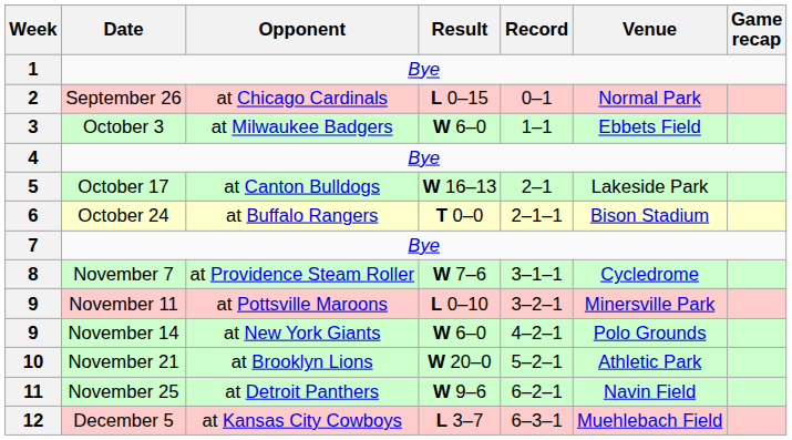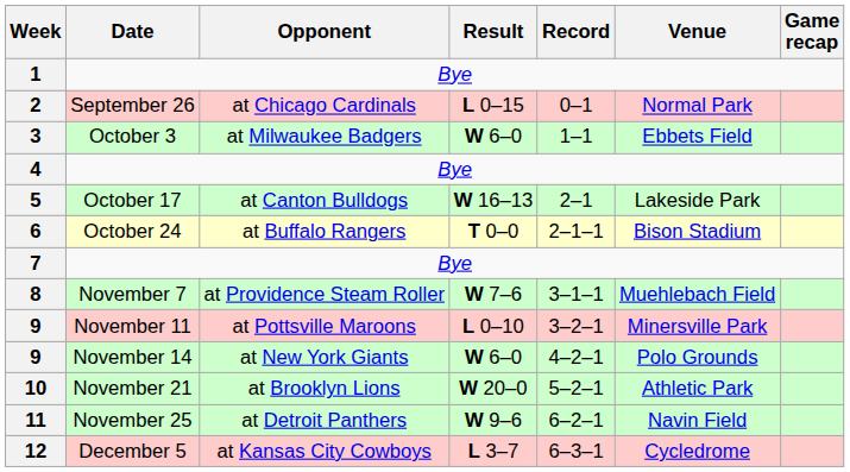 <table class="wikitable" style="text-align:center">
 <tr>
 <th>Week</th>
 <th>Date</th>
 <th>Opponent</th>
 <th>Result</th>
 <th>Record</th>
 <th>Venue</th>
 <th>Game<br>recap</th>
 </tr>
 <tr>
 <th>1</th>
 <td colspan="6" style="text-align:center;"><em><a href='#'>Bye</a></em></td>
 </tr>
 <tr style="background:#fcc">
 <th>2</th>
 <td>September 26</td>
 <td>at <a href='#'>Chicago Cardinals</a></td>
 <td><strong>L</strong> 0–15</td>
 <td>0–1</td>
 <td><a href='#'>Normal Park</a></td>
 <td></td>
 </tr>
 <tr style="background:#cfc">
 <th>3</th>
 <td>October 3</td>
 <td>at <a href='#'>Milwaukee Badgers</a></td>
 <td><strong>W</strong> 6–0</td>
 <td>1–1</td>
 <td><a href='#'>Ebbets Field</a></td>
 <td></td>
 </tr>
 <tr>
 <th>4</th>
 <td colspan="6" style="text-align:center;"><em><a href='#'>Bye</a></em></td>
 </tr>
 <tr style="background:#cfc">
 <th>5</th>
 <td>October 17</td>
 <td>at <a href='#'>Canton Bulldogs</a></td>
 <td><strong>W</strong> 16–13</td>
 <td>2–1</td>
 <td>Lakeside Park</td>
 <td></td>
 </tr>
 <tr style="background:#ffc">
 <th>6</th>
 <td>October 24</td>
 <td>at <a href='#'>Buffalo Rangers</a></td>
 <td><strong>T</strong> 0–0</td>
 <td>2–1–1</td>
 <td><a href='#'>Bison Stadium</a></td>
 <td></td>
 </tr>
 <tr>
 <th>7</th>
 <td colspan="6" style="text-align:center;"><em><a href='#'>Bye</a></em></td>
 </tr>
 <tr style="background:#cfc">
 <th>8</th>
 <td>November 7</td>
 <td>at <a href='#'>Providence Steam Roller</a></td>
 <td><strong>W</strong> 7–6</td>
 <td>3–1–1</td>
-<td><a href='#'>Cycledrome</a></td>
+<td><a href='#'>Muehlebach Field</a></td>
 <td></td>
 </tr>
 <tr style="background:#fcc">
 <th>9</th>
 <td>November 11</td>
 <td>at <a href='#'>Pottsville Maroons</a></td>
 <td><strong>L</strong> 0–10</td>
 <td>3–2–1</td>
 <td><a href='#'>Minersville Park</a></td>
 <td></td>
 </tr>
 <tr style="background:#cfc">
 <th>9</th>
 <td>November 14</td>
 <td>at <a href='#'>New York Giants</a></td>
 <td><strong>W</strong> 6–0</td>
 <td>4–2–1</td>
 <td><a href='#'>Polo Grounds</a></td>
 <td></td>
 </tr>
 <tr style="background:#cfc">
 <th>10</th>
 <td>November 21</td>
 <td>at <a href='#'>Brooklyn Lions</a></td>
 <td><strong>W</strong> 20–0</td>
 <td>5–2–1</td>
 <td><a href='#'>Athletic Park</a></td>
 <td></td>
 </tr>
 <tr style="background:#cfc">
 <th>11</th>
 <td>November 25</td>
 <td>at <a href='#'>Detroit Panthers</a></td>
 <td><strong>W</strong> 9–6</td>
 <td>6–2–1</td>
 <td><a href='#'>Navin Field</a></td>
 <td></td>
 </tr>
 <tr style="background:#fcc">
 <th>12</th>
 <td>December 5</td>
 <td>at <a href='#'>Kansas City Cowboys</a></td>
 <td><strong>L</strong> 3–7</td>
 <td>6–3–1</td>
-<td><a href='#'>Muehlebach Field</a></td>
+<td><a href='#'>Cycledrome</a></td>
 <td></td>
 </tr>
 </table>
